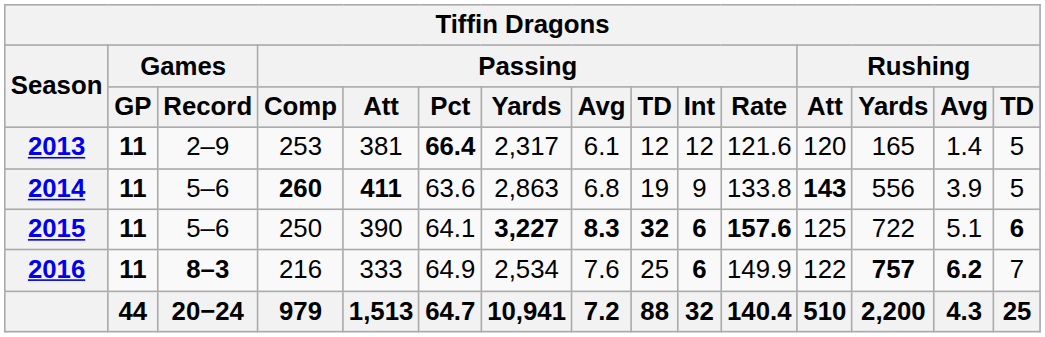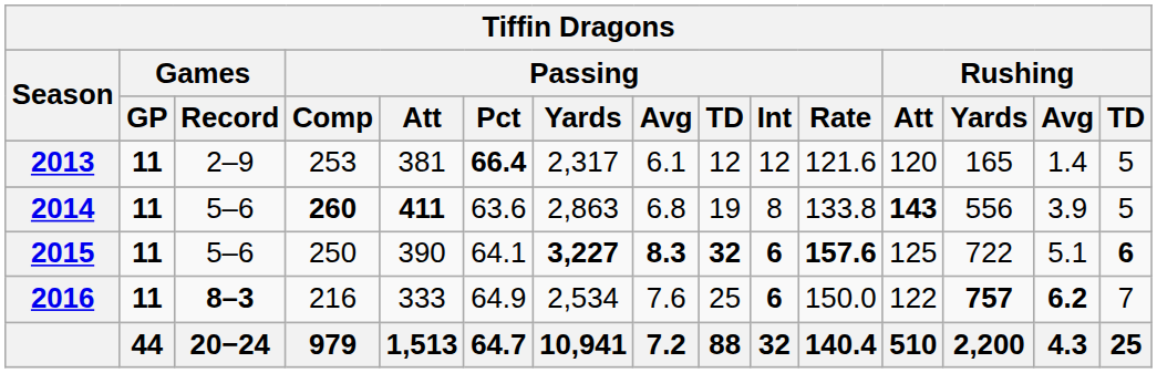 <table class="wikitable" style="text-align:center;">
 <tr>
 <th colspan="16">Tiffin Dragons</th>
 </tr>
 <tr>
 <th rowspan="2">Season</th>
 <th colspan="2">Games</th>
 <th colspan="8">Passing</th>
 <th colspan="4">Rushing</th>
 </tr>
 <tr>
 <th>GP</th>
 <th>Record</th>
 <th>Comp</th>
 <th>Att</th>
 <th>Pct</th>
 <th>Yards</th>
 <th>Avg</th>
 <th>TD</th>
 <th>Int</th>
 <th>Rate</th>
 <th>Att</th>
 <th>Yards</th>
 <th>Avg</th>
 <th>TD</th>
 </tr>
 <tr>
 <th><a href='#'>2013</a></th>
 <td><strong>11</strong></td>
 <td>2–9</td>
 <td>253</td>
 <td>381</td>
 <td><strong>66.4</strong></td>
 <td>2,317</td>
 <td>6.1</td>
 <td>12</td>
 <td>12</td>
 <td>121.6</td>
 <td>120</td>
 <td>165</td>
 <td>1.4</td>
 <td>5</td>
 </tr>
 <tr>
 <th><a href='#'>2014</a></th>
 <td><strong>11</strong></td>
 <td>5–6</td>
 <td><strong>260</strong></td>
 <td><strong>411</strong></td>
 <td>63.6</td>
 <td>2,863</td>
 <td>6.8</td>
 <td>19</td>
-<td>9</td>
+<td>8</td>
 <td>133.8</td>
 <td><strong>143</strong></td>
 <td>556</td>
 <td>3.9</td>
 <td>5</td>
 </tr>
 <tr>
 <th><a href='#'>2015</a></th>
 <td><strong>11</strong></td>
 <td>5–6</td>
 <td>250</td>
 <td>390</td>
 <td>64.1</td>
 <td><strong>3,227</strong></td>
 <td><strong>8.3</strong></td>
 <td><strong>32</strong></td>
 <td><strong>6</strong></td>
 <td><strong>157.6</strong></td>
 <td>125</td>
 <td>722</td>
 <td>5.1</td>
 <td><strong>6</strong></td>
 </tr>
 <tr>
 <th><a href='#'>2016</a></th>
 <td><strong>11</strong></td>
 <td><strong>8–3</strong></td>
 <td>216</td>
 <td>333</td>
 <td>64.9</td>
 <td>2,534</td>
 <td>7.6</td>
 <td>25</td>
 <td><strong>6</strong></td>
-<td>149.9</td>
+<td>150.0</td>
 <td>122</td>
 <td><strong>757</strong></td>
 <td><strong>6.2</strong></td>
 <td>7</td>
 </tr>
 <tr>
 <th></th>
 <th>44</th>
 <th>20−24</th>
 <th>979</th>
 <th>1,513</th>
 <th>64.7</th>
 <th>10,941</th>
 <th>7.2</th>
 <th>88</th>
 <th>32</th>
 <th>140.4</th>
 <th>510</th>
 <th>2,200</th>
 <th>4.3</th>
 <th>25</th>
 </tr>
 </table>
